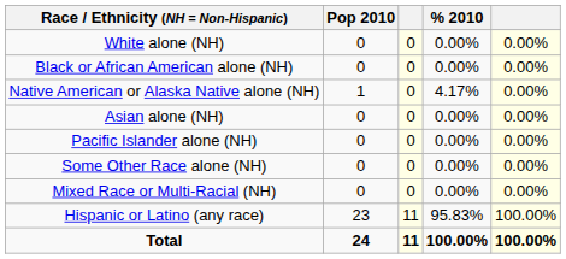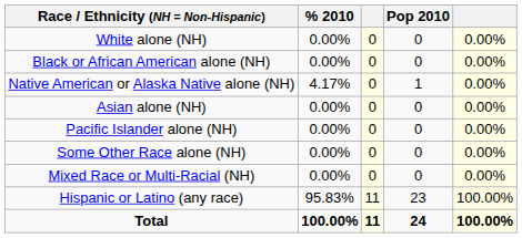 <table class="wikitable" style="text-align:center;">
 <tr>
 <th>Race / Ethnicity <small>(<em>NH = Non-Hispanic</em>)</small></th>
+<th>% 2010</th>
+<th></th>
 <th>Pop 2010</th>
-<th></th>
-<th>% 2010</th>
 <th></th>
 </tr>
 <tr>
 <td><a href='#'>White</a> alone (NH)</td>
+<td>0.00%</td>
+<td style='background: #ffffe6;'>0</td>
 <td>0</td>
-<td style='background: #ffffe6;'>0</td>
-<td>0.00%</td>
 <td style='background: #ffffe6;'>0.00%</td>
 </tr>
 <tr>
 <td><a href='#'>Black or African American</a> alone (NH)</td>
+<td>0.00%</td>
+<td style='background: #ffffe6;'>0</td>
 <td>0</td>
-<td style='background: #ffffe6;'>0</td>
-<td>0.00%</td>
 <td style='background: #ffffe6;'>0.00%</td>
 </tr>
 <tr>
 <td><a href='#'>Native American</a> or <a href='#'>Alaska Native</a> alone (NH)</td>
+<td>4.17%</td>
+<td style='background: #ffffe6;'>0</td>
 <td>1</td>
-<td style='background: #ffffe6;'>0</td>
-<td>4.17%</td>
 <td style='background: #ffffe6;'>0.00%</td>
 </tr>
 <tr>
 <td><a href='#'>Asian</a> alone (NH)</td>
+<td>0.00%</td>
+<td style='background: #ffffe6;'>0</td>
 <td>0</td>
-<td style='background: #ffffe6;'>0</td>
-<td>0.00%</td>
 <td style='background: #ffffe6;'>0.00%</td>
 </tr>
 <tr>
 <td><a href='#'>Pacific Islander</a> alone (NH)</td>
+<td>0.00%</td>
+<td style='background: #ffffe6;'>0</td>
 <td>0</td>
-<td style='background: #ffffe6;'>0</td>
-<td>0.00%</td>
 <td style='background: #ffffe6;'>0.00%</td>
 </tr>
 <tr>
 <td><a href='#'>Some Other Race</a> alone (NH)</td>
+<td>0.00%</td>
+<td style='background: #ffffe6;'>0</td>
 <td>0</td>
-<td style='background: #ffffe6;'>0</td>
-<td>0.00%</td>
 <td style='background: #ffffe6;'>0.00%</td>
 </tr>
 <tr>
 <td><a href='#'>Mixed Race or Multi-Racial</a> (NH)</td>
+<td>0.00%</td>
+<td style='background: #ffffe6;'>0</td>
 <td>0</td>
-<td style='background: #ffffe6;'>0</td>
-<td>0.00%</td>
 <td style='background: #ffffe6;'>0.00%</td>
 </tr>
 <tr>
 <td><a href='#'>Hispanic or Latino</a> (any race)</td>
+<td>95.83%</td>
+<td style='background: #ffffe6;'>11</td>
 <td>23</td>
-<td style='background: #ffffe6;'>11</td>
-<td>95.83%</td>
 <td style='background: #ffffe6;'>100.00%</td>
 </tr>
 <tr>
 <td><strong>Total</strong></td>
+<td><strong>100.00%</strong></td>
+<td style='background: #ffffe6;'><strong>11</strong></td>
 <td><strong>24</strong></td>
-<td style='background: #ffffe6;'><strong>11</strong></td>
-<td><strong>100.00%</strong></td>
 <td style='background: #ffffe6;'><strong>100.00%</strong></td>
 </tr>
 </table>
